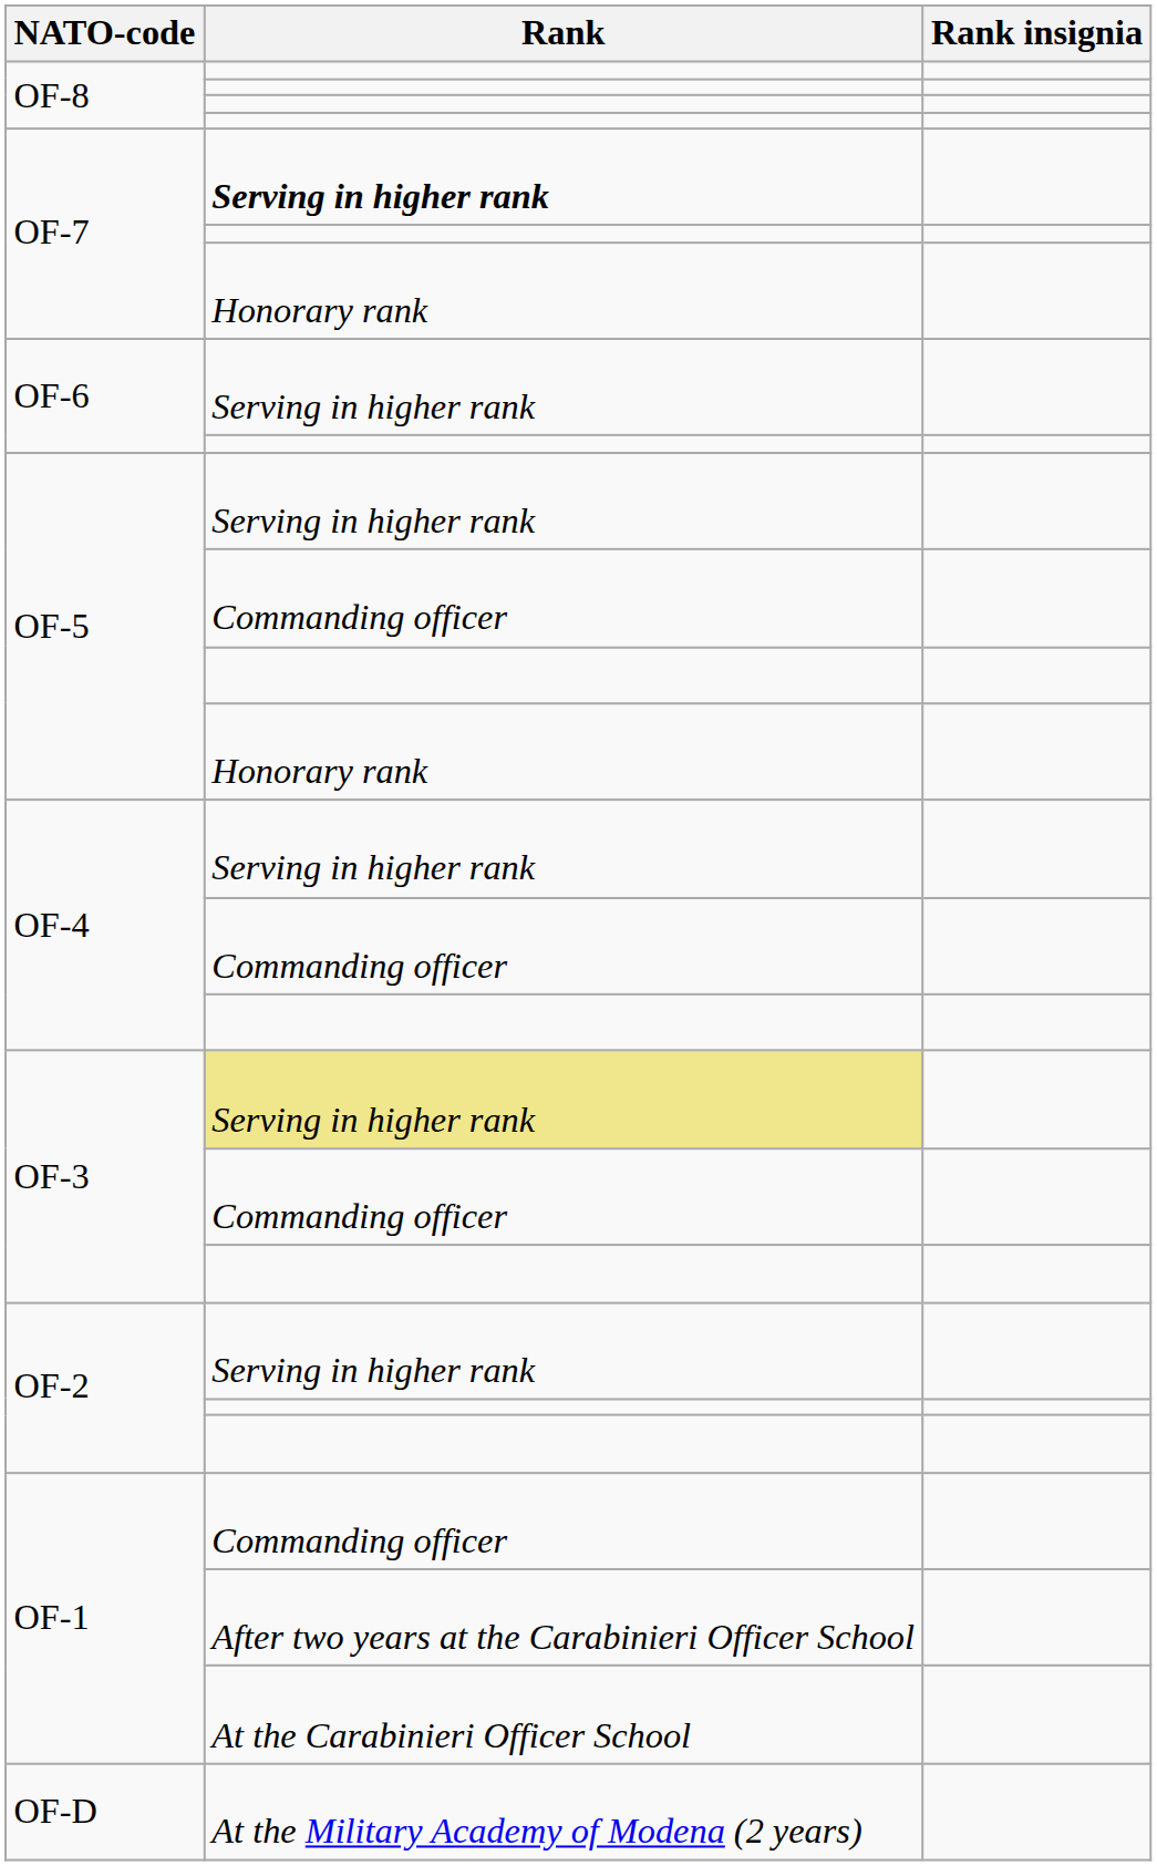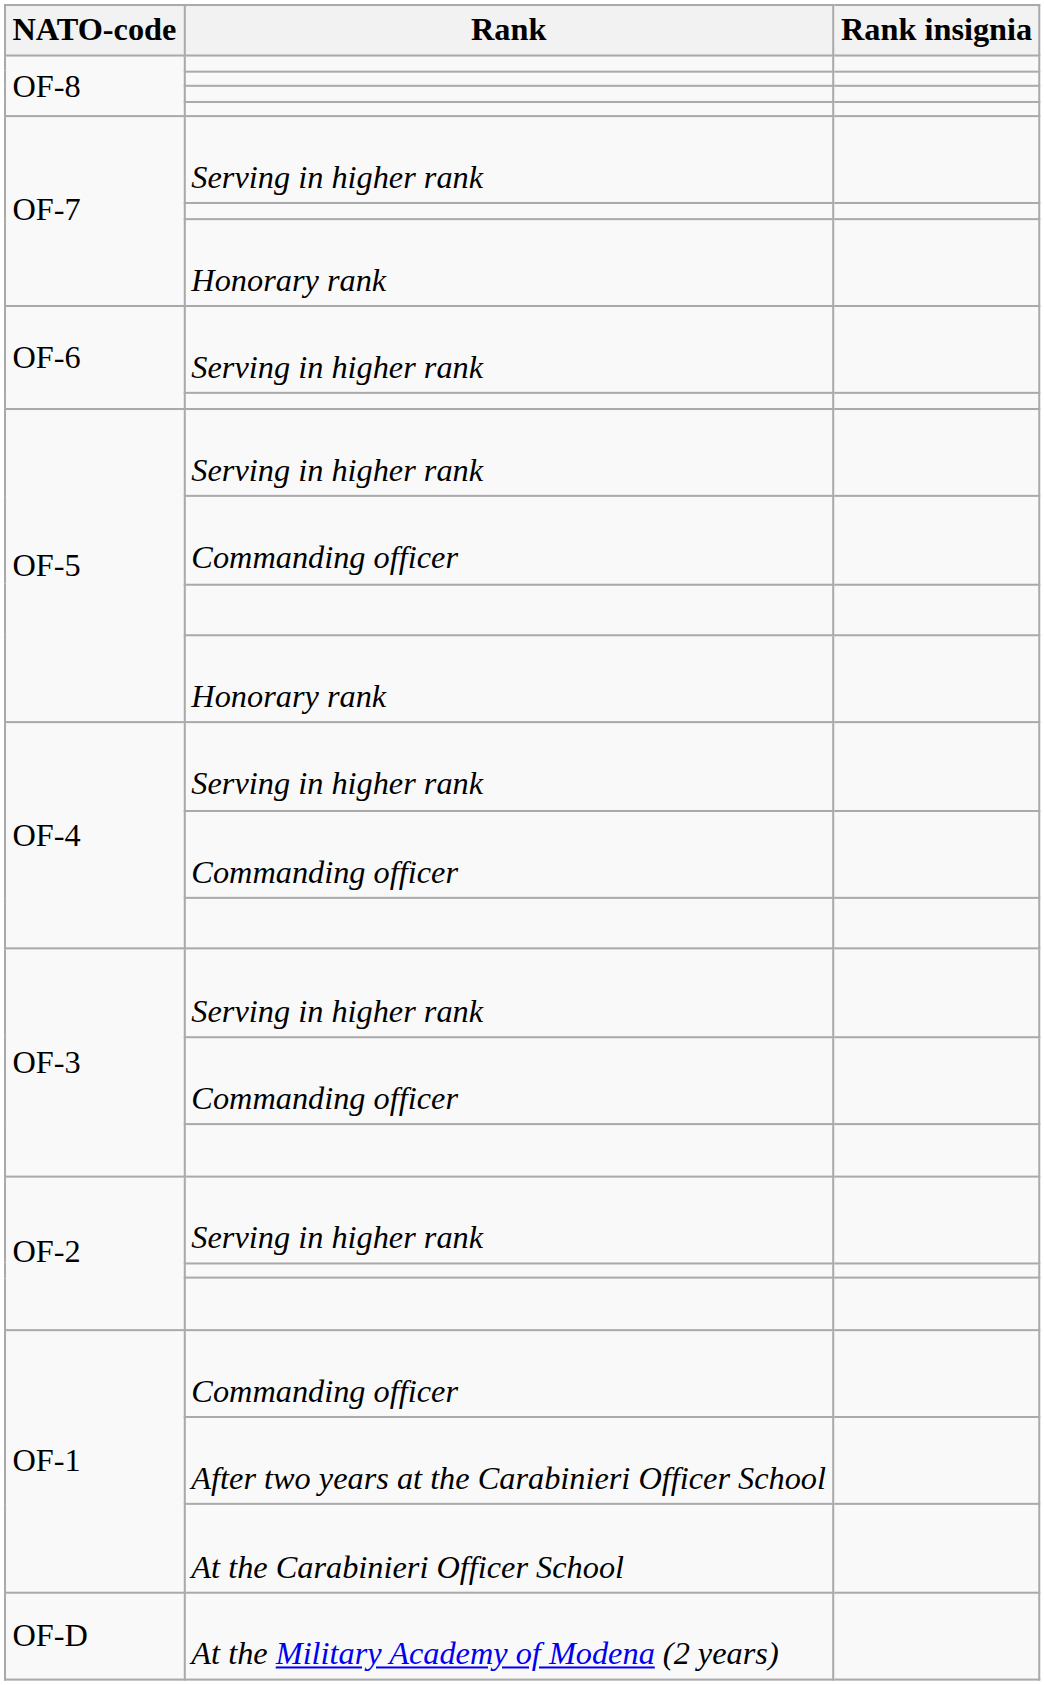 <table class="wikitable">
 <tr>
 <th>NATO-code</th>
 <th>Rank</th>
 <th>Rank insignia  </th>
 </tr>
 <tr>
 <td rowspan=4>OF-8</td>
 <td></td>
 <td style="text-align:center;"></td>
 </tr>
 <tr>
 <td></td>
 <td style="text-align:center;"></td>
 </tr>
 <tr>
 <td></td>
 <td style="text-align:center;"></td>
 </tr>
 <tr>
 <td></td>
 <td style="text-align:center;"></td>
 </tr>
 <tr>
 <td rowspan=3>OF-7</td>
-<td><strong><br><em>Serving in higher rank</em></strong></td>
+<td><br><em>Serving in higher rank</em></td>
 <td style="text-align:center;"></td>
 </tr>
 <tr>
 <td></td>
 <td style="text-align:center;"></td>
 </tr>
 <tr>
 <td><br><em>Honorary rank</em></td>
 <td style="text-align:center;"></td>
 </tr>
 <tr>
 <td rowspan=2>OF-6</td>
 <td><br><em>Serving in higher rank</em></td>
 <td style="text-align:center;"></td>
 </tr>
 <tr>
 <td></td>
 <td style="text-align:center;"></td>
 </tr>
 <tr>
 <td rowspan=4>OF-5</td>
 <td><br><em>Serving in higher rank</em></td>
 <td style="text-align:center;"></td>
 </tr>
 <tr>
 <td><br><em>Commanding officer </em></td>
 <td style="text-align:center;"></td>
 </tr>
 <tr>
 <td><br></td>
 <td style="text-align:center;"></td>
 </tr>
 <tr>
 <td><br><em>Honorary rank</em></td>
 <td style="text-align:center;"></td>
 </tr>
 <tr>
 <td rowspan=3>OF-4</td>
 <td><br><em>Serving in higher rank</em></td>
 <td style="text-align:center;"></td>
 </tr>
 <tr>
 <td><br><em>Commanding officer </em></td>
 <td style="text-align:center;"></td>
 </tr>
 <tr>
 <td><br></td>
 <td style="text-align:center;"></td>
 </tr>
 <tr>
 <td rowspan=3>OF-3</td>
-<td style="background: khaki;"><br><em>Serving in higher rank</em></td>
+<td><br><em>Serving in higher rank</em></td>
 <td style="text-align:center;"></td>
 </tr>
 <tr>
 <td><br><em>Commanding officer </em></td>
 <td style="text-align:center;"></td>
 </tr>
 <tr>
 <td><br></td>
 <td style="text-align:center;"></td>
 </tr>
 <tr>
 <td rowspan=3>OF-2</td>
 <td><br><em>Serving in higher rank</em></td>
 <td style="text-align:center;"></td>
 </tr>
 <tr>
 <td></td>
 <td style="text-align:center;"></td>
 </tr>
 <tr>
 <td><br></td>
 <td style="text-align:center;"></td>
 </tr>
 <tr>
 <td rowspan=3>OF-1</td>
 <td><br><em>Commanding officer</em></td>
 <td style="text-align:center;"></td>
 </tr>
 <tr>
 <td><br><em>After two years at the Carabinieri Officer School   </em></td>
 <td style="text-align:center;"></td>
 </tr>
 <tr>
 <td><br><em>At the Carabinieri Officer School </em></td>
 <td style="text-align:center;"></td>
 </tr>
 <tr>
 <td>OF-D</td>
 <td><br><em>At the <a href='#'>Military Academy of Modena</a> (2 years) </em></td>
 <td style="text-align:center;"></td>
 </tr>
 </table>
